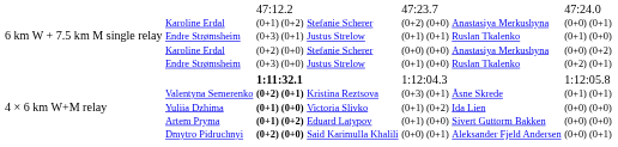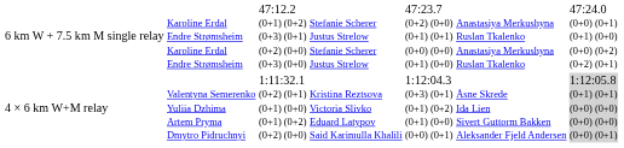 <table>
 <tr>
 <td>6 km W + 7.5 km M single relay<br><em></em></td>
 <td><br><small><a href='#'>Karoline Erdal</a><br><a href='#'>Endre Strømsheim</a><br><a href='#'>Karoline Erdal</a><br><a href='#'>Endre Strømsheim</a></small></td>
 <td>47:12.2<br><small>(0+1) (0+2)<br>(0+3) (0+1)<br>(0+2) (0+0)<br>(0+3) (0+0)</small></td>
 <td><br><small><a href='#'>Stefanie Scherer</a><br><a href='#'>Justus Strelow</a><br><a href='#'>Stefanie Scherer</a><br><a href='#'>Justus Strelow</a></small></td>
 <td>47:23.7<br><small>(0+2) (0+0)<br>(0+1) (0+1)<br>(0+0) (0+0)<br>(0+1) (0+0)</small></td>
 <td><br><small><a href='#'>Anastasiya Merkushyna</a><br><a href='#'>Ruslan Tkalenko</a><br><a href='#'>Anastasiya Merkushyna</a><br><a href='#'>Ruslan Tkalenko</a></small></td>
 <td>47:24.0<br><small>(0+0) (0+1)<br>(0+1) (0+0)<br>(0+0) (0+2)<br>(0+2) (0+1)</small></td>
 </tr>
 <tr>
 <td>4 × 6 km W+M relay<br><em></em></td>
 <td><br><small><a href='#'>Valentyna Semerenko</a><br><a href='#'>Yuliia Dzhima</a><br><a href='#'>Artem Pryma</a><br><a href='#'>Dmytro Pidruchnyi</a></small></td>
-<td><strong>1:11:32.1<br><small>(0+2) (0+1)<br>(0+1) (0+0)<br>(0+1) (0+2)<br>(0+2) (0+0)</small></strong></td>
+<td>1:11:32.1<br><small>(0+2) (0+1)<br>(0+1) (0+0)<br>(0+1) (0+2)<br>(0+2) (0+0)</small></td>
 <td><br><small><a href='#'>Kristina Reztsova</a><br><a href='#'>Victoria Slivko</a><br><a href='#'>Eduard Latypov</a><br><a href='#'>Said Karimulla Khalili</a></small></td>
 <td>1:12:04.3<br><small>(0+3) (0+1)<br>(0+1) (0+2)<br>(0+1) (0+0)<br>(0+0) (0+1)</small></td>
 <td><br><small><a href='#'>Åsne Skrede</a><br><a href='#'>Ida Lien</a><br><a href='#'>Sivert Guttorm Bakken</a><br><a href='#'>Aleksander Fjeld Andersen</a></small></td>
-<td>1:12:05.8<br><small>(0+1) (0+1)<br>(0+0) (0+0)<br>(0+0) (0+0)<br>(0+0) (0+1)</small></td>
+<td style="background: lightgrey;">1:12:05.8<br><small>(0+1) (0+1)<br>(0+0) (0+0)<br>(0+0) (0+0)<br>(0+0) (0+1)</small></td>
 </tr>
 </table>
